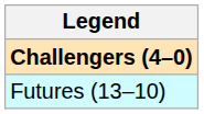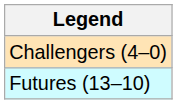 <table class=wikitable>
 <tr>
 <th>Legend</th>
 </tr>
 <tr style="background:moccasin;">
-<td><strong>Challengers (4–0)</strong></td>
+<td>Challengers (4–0)</td>
 </tr>
 <tr style="background:#cffcff;">
 <td>Futures (13–10)</td>
 </tr>
 </table>
